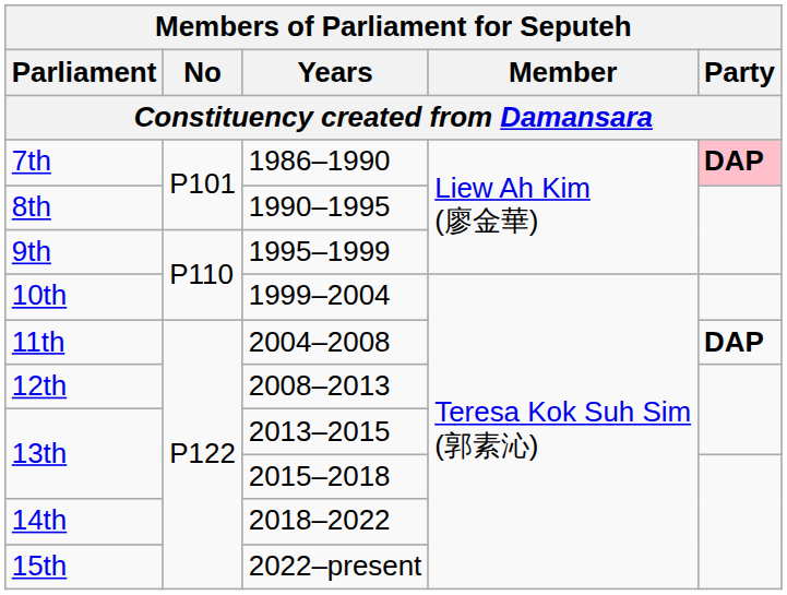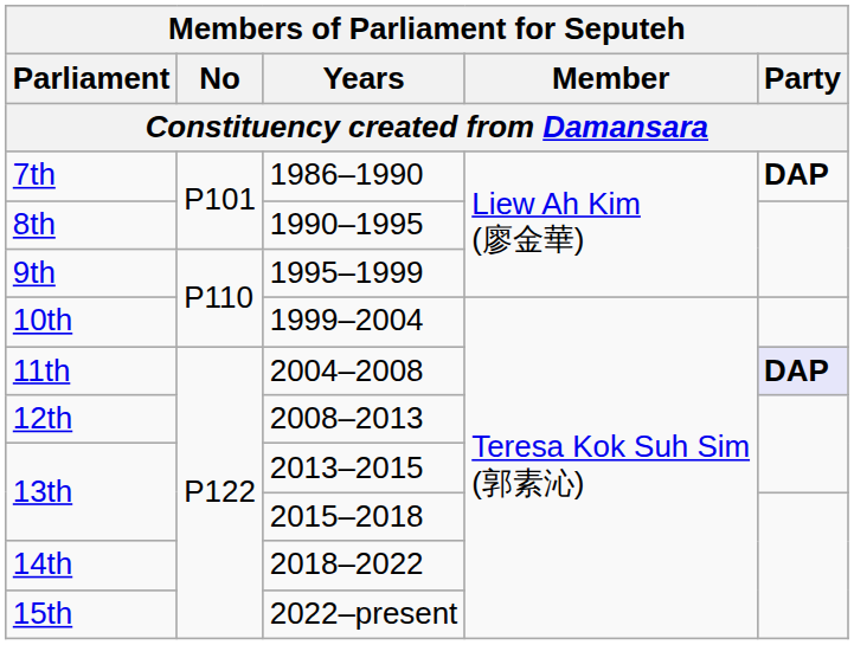 <table class=wikitable>
 <tr>
 <th colspan="5">Members of Parliament for Seputeh</th>
 </tr>
 <tr>
 <th>Parliament</th>
 <th>No</th>
 <th>Years</th>
 <th>Member</th>
 <th>Party</th>
 </tr>
 <tr>
 <th colspan="5" align="center"><em>Constituency created from <a href='#'>Damansara</a></em></th>
 </tr>
 <tr>
 <td><a href='#'>7th</a></td>
 <td rowspan="2">P101</td>
 <td>1986–1990</td>
 <td rowspan=3><a href='#'>Liew Ah Kim</a> <br> (廖金華)</td>
-<td style="background: pink;"><strong>DAP</strong></td>
+<td><strong>DAP</strong></td>
 </tr>
 <tr>
 <td><a href='#'>8th</a></td>
 <td>1990–1995</td>
 <td rowspan=2 bgcolor=></td>
 </tr>
 <tr>
 <td><a href='#'>9th</a></td>
 <td rowspan="2">P110</td>
 <td>1995–1999</td>
 </tr>
 <tr>
 <td><a href='#'>10th</a></td>
 <td>1999–2004</td>
 <td rowspan=7><a href='#'>Teresa Kok Suh Sim</a>  <br>(郭素沁)</td>
 <td rowspan="1"></td>
 </tr>
 <tr>
 <td><a href='#'>11th</a></td>
 <td rowspan=6>P122</td>
 <td>2004–2008</td>
-<td><strong>DAP</strong></td>
+<td style="background: lavender;"><strong>DAP</strong></td>
 </tr>
 <tr>
 <td><a href='#'>12th</a></td>
 <td>2008–2013</td>
 <td rowspan=2></td>
 </tr>
 <tr>
 <td rowspan=2><a href='#'>13th</a></td>
 <td>2013–2015</td>
 </tr>
 <tr>
 <td>2015–2018</td>
 <td rowspan=3></td>
 </tr>
 <tr>
 <td><a href='#'>14th</a></td>
 <td>2018–2022</td>
 </tr>
 <tr>
 <td><a href='#'>15th</a></td>
 <td>2022–present</td>
 </tr>
 </table>
